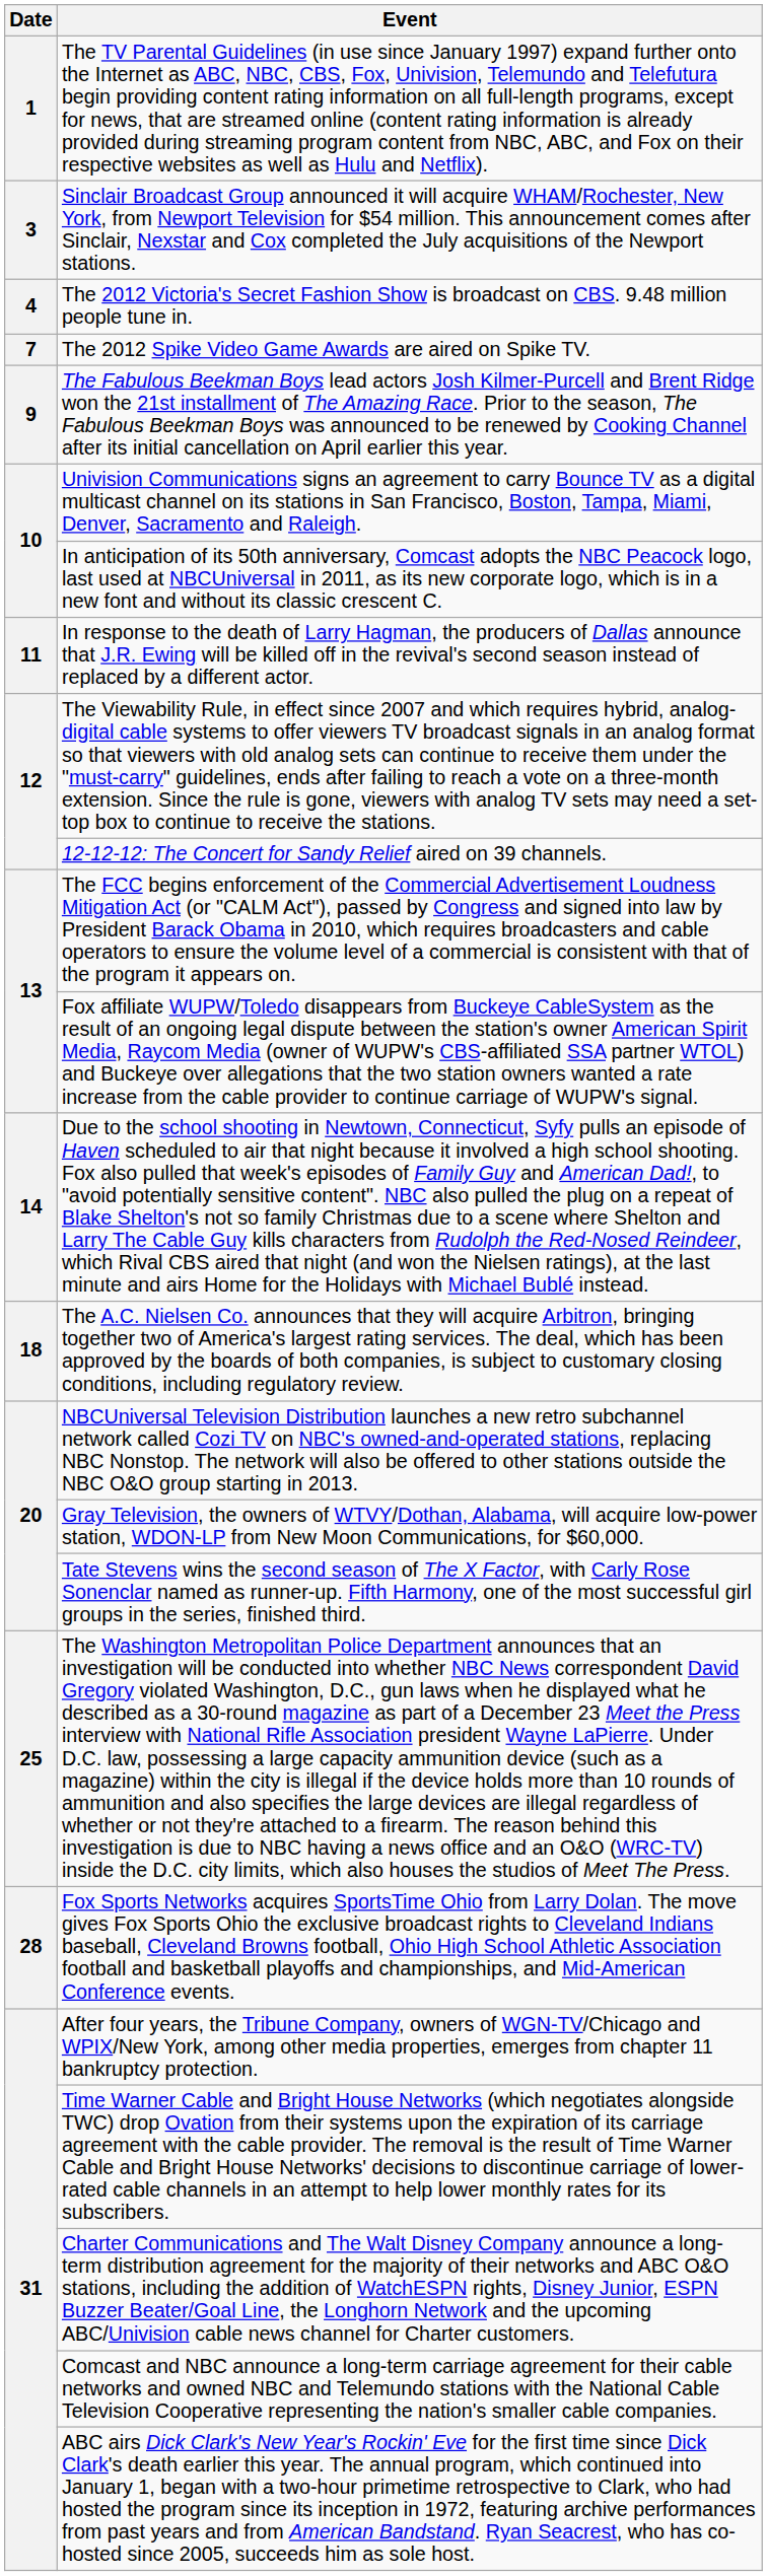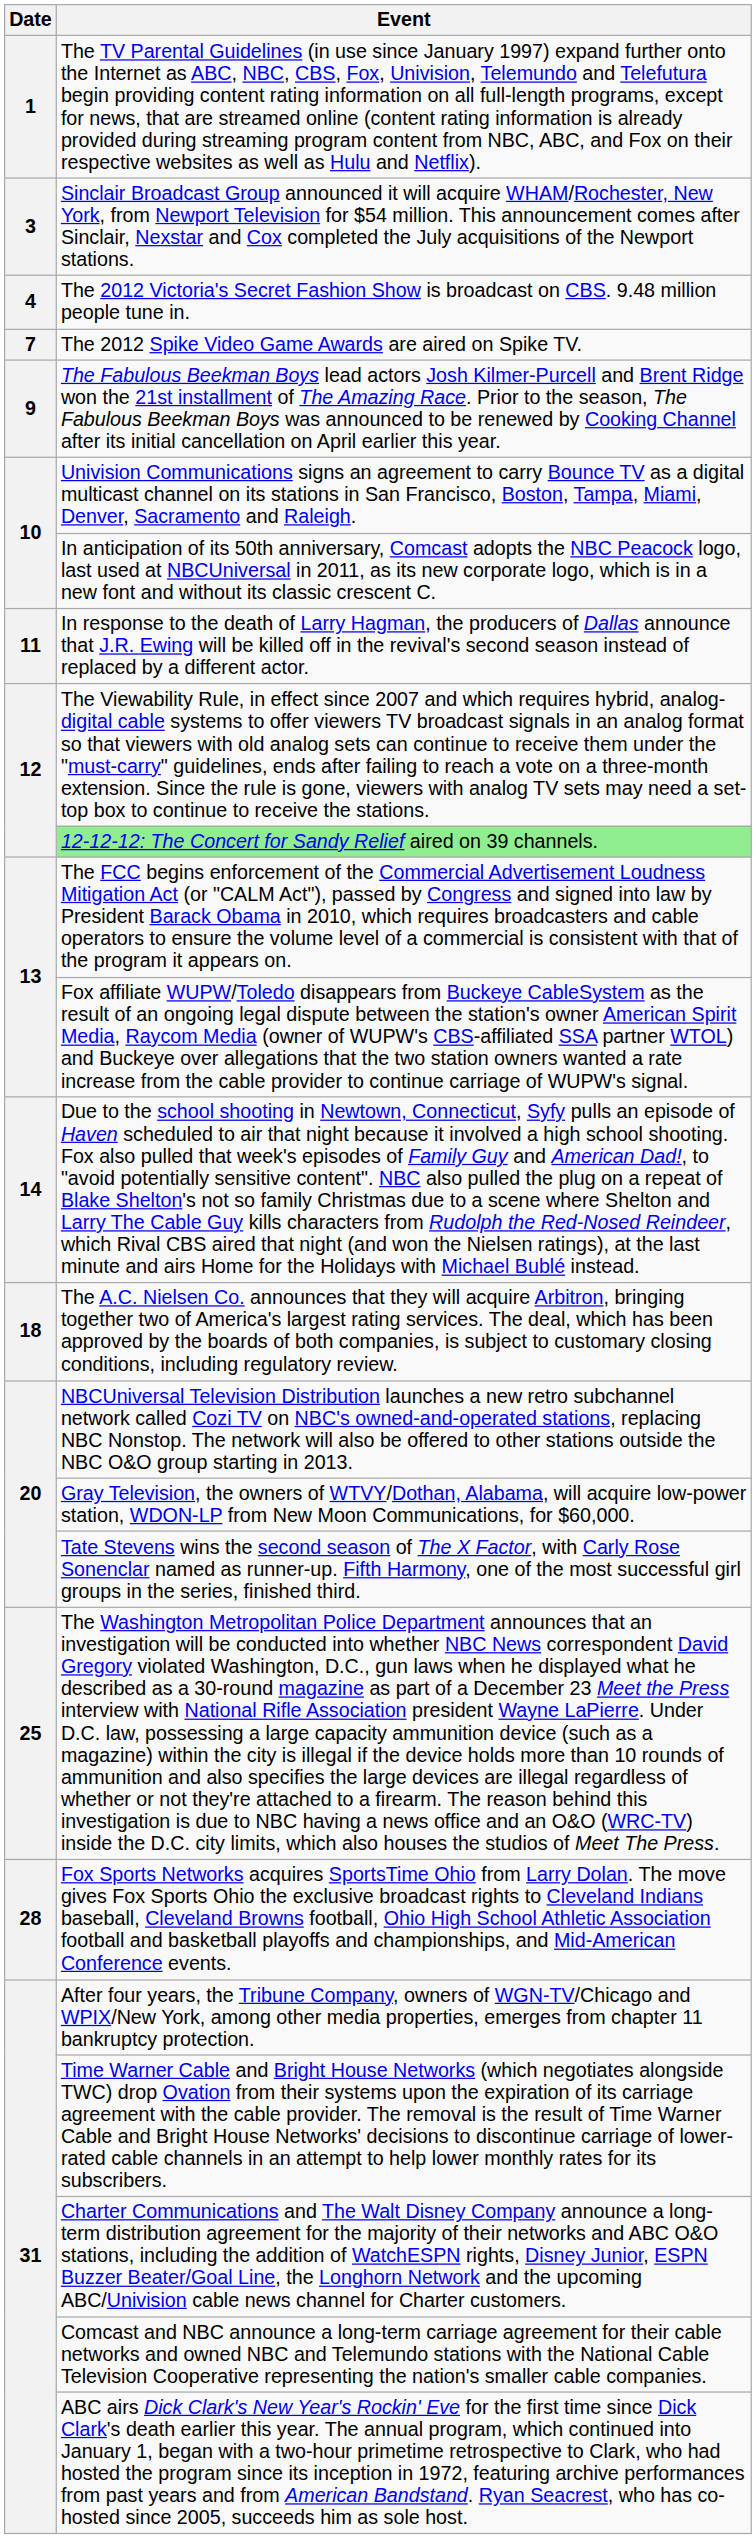 <table class="wikitable">
 <tr>
 <th>Date</th>
 <th>Event</th>
 </tr>
 <tr>
 <th>1</th>
 <td>The <a href='#'>TV Parental Guidelines</a> (in use since January 1997) expand further onto the Internet as <a href='#'>ABC</a>, <a href='#'>NBC</a>, <a href='#'>CBS</a>, <a href='#'>Fox</a>, <a href='#'>Univision</a>, <a href='#'>Telemundo</a> and <a href='#'>Telefutura</a> begin providing content rating information on all full-length programs, except for news, that are streamed online (content rating information is already provided during streaming program content from NBC, ABC, and Fox on their respective websites as well as <a href='#'>Hulu</a> and <a href='#'>Netflix</a>).</td>
 </tr>
 <tr>
 <th>3</th>
 <td><a href='#'>Sinclair Broadcast Group</a> announced it will acquire <a href='#'>WHAM</a>/<a href='#'>Rochester, New York</a>, from <a href='#'>Newport Television</a> for $54 million. This announcement comes after Sinclair, <a href='#'>Nexstar</a> and <a href='#'>Cox</a> completed the July acquisitions of the Newport stations.</td>
 </tr>
 <tr>
 <th>4</th>
 <td>The <a href='#'>2012 Victoria's Secret Fashion Show</a> is broadcast on <a href='#'>CBS</a>. 9.48 million people tune in.</td>
 </tr>
 <tr>
 <th>7</th>
 <td>The 2012 <a href='#'>Spike Video Game Awards</a> are aired on Spike TV.</td>
 </tr>
 <tr>
 <th>9</th>
 <td><em><a href='#'>The Fabulous Beekman Boys</a></em> lead actors <a href='#'>Josh Kilmer-Purcell</a> and <a href='#'>Brent Ridge</a> won the <a href='#'>21st installment</a> of <em><a href='#'>The Amazing Race</a></em>. Prior to the season, <em>The Fabulous Beekman Boys</em> was announced to be renewed by <a href='#'>Cooking Channel</a> after its initial cancellation on April earlier this year.</td>
 </tr>
 <tr>
 <th rowspan="2">10</th>
 <td><a href='#'>Univision Communications</a> signs an agreement to carry <a href='#'>Bounce TV</a> as a digital multicast channel on its stations in San Francisco, <a href='#'>Boston</a>, <a href='#'>Tampa</a>, <a href='#'>Miami</a>, <a href='#'>Denver</a>, <a href='#'>Sacramento</a> and <a href='#'>Raleigh</a>.</td>
 </tr>
 <tr>
 <td>In anticipation of its 50th anniversary, <a href='#'>Comcast</a> adopts the <a href='#'>NBC Peacock</a> logo, last used at <a href='#'>NBCUniversal</a> in 2011, as its new corporate logo, which is in a new font and without its classic crescent C.</td>
 </tr>
 <tr>
 <th>11</th>
 <td>In response to the death of <a href='#'>Larry Hagman</a>, the producers of <em><a href='#'>Dallas</a></em> announce that <a href='#'>J.R. Ewing</a> will be killed off in the revival's second season instead of replaced by a different actor.</td>
 </tr>
 <tr>
 <th rowspan="2">12</th>
 <td>The Viewability Rule, in effect since 2007 and which requires hybrid, analog-<a href='#'>digital cable</a> systems to offer viewers TV broadcast signals in an analog format so that viewers with old analog sets can continue to receive them under the "<a href='#'>must-carry</a>" guidelines, ends after failing to reach a vote on a three-month extension. Since the rule is gone, viewers with analog TV sets may need a set-top box to continue to receive the stations.</td>
 </tr>
 <tr>
-<td><em><a href='#'>12-12-12: The Concert for Sandy Relief</a></em> aired on 39 channels.</td>
+<td style="background: lightgreen;"><em><a href='#'>12-12-12: The Concert for Sandy Relief</a></em> aired on 39 channels.</td>
 </tr>
 <tr>
 <th rowspan=2>13</th>
 <td>The <a href='#'>FCC</a> begins enforcement of the <a href='#'>Commercial Advertisement Loudness Mitigation Act</a> (or "CALM Act"), passed by <a href='#'>Congress</a> and signed into law by President <a href='#'>Barack Obama</a> in 2010, which requires broadcasters and cable operators to ensure the volume level of a commercial is consistent with that of the program it appears on.</td>
 </tr>
 <tr>
 <td>Fox affiliate <a href='#'>WUPW</a>/<a href='#'>Toledo</a> disappears from <a href='#'>Buckeye CableSystem</a> as the result of an ongoing legal dispute between the station's owner <a href='#'>American Spirit Media</a>, <a href='#'>Raycom Media</a> (owner of WUPW's <a href='#'>CBS</a>-affiliated <a href='#'>SSA</a> partner <a href='#'>WTOL</a>) and Buckeye over allegations that the two station owners wanted a rate increase from the cable provider to continue carriage of WUPW's signal.</td>
 </tr>
 <tr>
 <th>14</th>
 <td>Due to the <a href='#'>school shooting</a> in <a href='#'>Newtown, Connecticut</a>, <a href='#'>Syfy</a> pulls an episode of <em><a href='#'>Haven</a></em> scheduled to air that night because it involved a high school shooting. Fox also pulled that week's episodes of <em><a href='#'>Family Guy</a></em> and <em><a href='#'>American Dad!</a></em>, to "avoid potentially sensitive content". <a href='#'>NBC</a> also pulled the plug on a repeat of <a href='#'>Blake Shelton</a>'s not so family Christmas due to a scene where Shelton and <a href='#'>Larry The Cable Guy</a> kills characters from <em><a href='#'>Rudolph the Red-Nosed Reindeer</a></em>, which Rival CBS aired that night (and won the Nielsen ratings), at the last minute and airs Home for the Holidays with <a href='#'>Michael Bublé</a> instead.</td>
 </tr>
 <tr>
 <th>18</th>
 <td>The <a href='#'>A.C. Nielsen Co.</a> announces that they will acquire <a href='#'>Arbitron</a>, bringing together two of America's largest rating services. The deal, which has been approved by the boards of both companies, is subject to customary closing conditions, including regulatory review.</td>
 </tr>
 <tr>
 <th rowspan=3>20</th>
 <td><a href='#'>NBCUniversal Television Distribution</a> launches a new retro subchannel network called <a href='#'>Cozi TV</a> on <a href='#'>NBC's owned-and-operated stations</a>, replacing NBC Nonstop. The network will also be offered to other stations outside the NBC O&O group starting in 2013.</td>
 </tr>
 <tr>
 <td><a href='#'>Gray Television</a>, the owners of <a href='#'>WTVY</a>/<a href='#'>Dothan, Alabama</a>, will acquire low-power station, <a href='#'>WDON-LP</a> from New Moon Communications, for $60,000.</td>
 </tr>
 <tr>
 <td><a href='#'>Tate Stevens</a> wins the <a href='#'>second season</a> of <em><a href='#'>The X Factor</a></em>, with <a href='#'>Carly Rose Sonenclar</a> named as runner-up. <a href='#'>Fifth Harmony</a>, one of the most successful girl groups in the series, finished third.</td>
 </tr>
 <tr>
 <th>25</th>
 <td>The <a href='#'>Washington Metropolitan Police Department</a> announces that an investigation will be conducted into whether <a href='#'>NBC News</a> correspondent <a href='#'>David Gregory</a> violated Washington, D.C., gun laws when he displayed what he described as a 30-round <a href='#'>magazine</a> as part of a December 23 <em><a href='#'>Meet the Press</a></em> interview with <a href='#'>National Rifle Association</a> president <a href='#'>Wayne LaPierre</a>. Under D.C. law, possessing a large capacity ammunition device (such as a magazine) within the city is illegal if the device holds more than 10 rounds of ammunition and also specifies the large devices are illegal regardless of whether or not they're attached to a firearm. The reason behind this investigation is due to NBC having a news office and an O&O (<a href='#'>WRC-TV</a>) inside the D.C. city limits, which also houses the studios of <em>Meet The Press</em>.</td>
 </tr>
 <tr>
 <th>28</th>
 <td><a href='#'>Fox Sports Networks</a> acquires <a href='#'>SportsTime Ohio</a> from <a href='#'>Larry Dolan</a>. The move gives Fox Sports Ohio the exclusive broadcast rights to <a href='#'>Cleveland Indians</a> baseball, <a href='#'>Cleveland Browns</a> football, <a href='#'>Ohio High School Athletic Association</a> football and basketball playoffs and championships, and <a href='#'>Mid-American Conference</a> events.</td>
 </tr>
 <tr>
 <th rowspan=5>31</th>
 <td>After four years, the <a href='#'>Tribune Company</a>, owners of <a href='#'>WGN-TV</a>/Chicago and <a href='#'>WPIX</a>/New York, among other media properties, emerges from chapter 11 bankruptcy protection.</td>
 </tr>
 <tr>
 <td><a href='#'>Time Warner Cable</a> and <a href='#'>Bright House Networks</a> (which negotiates alongside TWC) drop <a href='#'>Ovation</a> from their systems upon the expiration of its carriage agreement with the cable provider. The removal is the result of Time Warner Cable and Bright House Networks' decisions to discontinue carriage of lower-rated cable channels in an attempt to help lower monthly rates for its subscribers.</td>
 </tr>
 <tr>
 <td><a href='#'>Charter Communications</a> and <a href='#'>The Walt Disney Company</a> announce a long-term distribution agreement for the majority of their networks and ABC O&O stations, including the addition of <a href='#'>WatchESPN</a> rights, <a href='#'>Disney Junior</a>, <a href='#'>ESPN Buzzer Beater/Goal Line</a>, the <a href='#'>Longhorn Network</a> and the upcoming ABC/<a href='#'>Univision</a> cable news channel for Charter customers.</td>
 </tr>
 <tr>
 <td>Comcast and NBC announce a long-term carriage agreement for their cable networks and owned NBC and Telemundo stations with the National Cable Television Cooperative representing the nation's smaller cable companies.</td>
 </tr>
 <tr>
 <td>ABC airs <em><a href='#'>Dick Clark's New Year's Rockin' Eve</a></em> for the first time since <a href='#'>Dick Clark</a>'s death earlier this year. The annual program, which continued into January 1, began with a two-hour primetime retrospective to Clark, who had hosted the program since its inception in 1972, featuring archive performances from past years and from <em><a href='#'>American Bandstand</a></em>. <a href='#'>Ryan Seacrest</a>, who has co-hosted since 2005, succeeds him as sole host.</td>
 </tr>
 </table>
